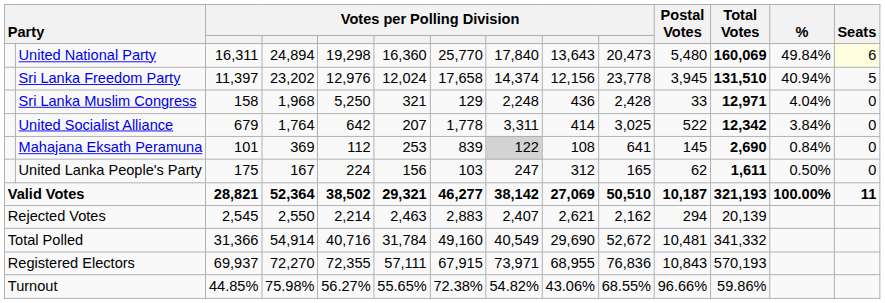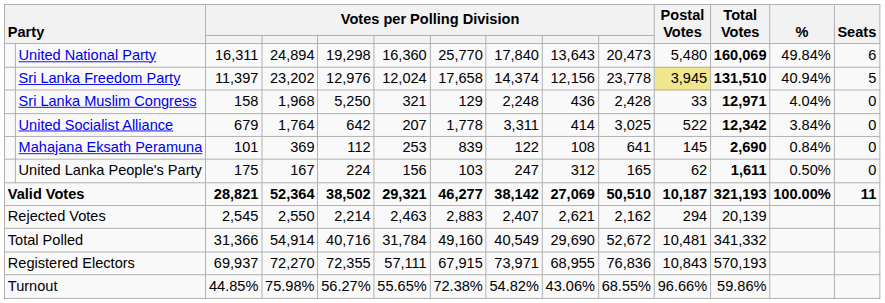 <table class="wikitable" border="1" style="text-align:right;">
 <tr>
 <th style="text-align:left; vertical-align:bottom;" rowspan="2" colspan="2">Party</th>
 <th colspan=8>Votes per Polling Division</th>
 <th rowspan="2" style="vertical-align:bottom; text-align:center; width:50px;">Postal<br>Votes</th>
 <th rowspan="2" style="vertical-align:bottom; text-align:center; width:50px;">Total Votes</th>
 <th rowspan="2" style="vertical-align:bottom; text-align:center; width:50px;">%</th>
 <th rowspan="2" style="vertical-align:bottom; text-align:center; width:40px;">Seats</th>
 </tr>
 <tr>
 <th></th>
 <th></th>
 <th></th>
 <th></th>
 <th></th>
 <th></th>
 <th></th>
 <th></th>
 </tr>
 <tr>
 <td bgcolor=> </td>
 <td align=left><a href='#'>United National Party</a></td>
 <td>16,311</td>
 <td>24,894</td>
 <td>19,298</td>
 <td>16,360</td>
 <td>25,770</td>
 <td>17,840</td>
 <td>13,643</td>
 <td>20,473</td>
 <td>5,480</td>
 <td><strong>160,069</strong></td>
 <td>49.84%</td>
-<td style="background: lightyellow;">6</td>
+<td>6</td>
 </tr>
 <tr>
 <td bgcolor=> </td>
 <td align=left><a href='#'>Sri Lanka Freedom Party</a></td>
 <td>11,397</td>
 <td>23,202</td>
 <td>12,976</td>
 <td>12,024</td>
 <td>17,658</td>
 <td>14,374</td>
 <td>12,156</td>
 <td>23,778</td>
-<td>3,945</td>
+<td style="background: khaki;">3,945</td>
 <td><strong>131,510</strong></td>
 <td>40.94%</td>
 <td>5</td>
 </tr>
 <tr>
 <td bgcolor=> </td>
 <td align=left><a href='#'>Sri Lanka Muslim Congress</a></td>
 <td>158</td>
 <td>1,968</td>
 <td>5,250</td>
 <td>321</td>
 <td>129</td>
 <td>2,248</td>
 <td>436</td>
 <td>2,428</td>
 <td>33</td>
 <td><strong>12,971</strong></td>
 <td>4.04%</td>
 <td>0</td>
 </tr>
 <tr>
 <td bgcolor=> </td>
 <td align=left><a href='#'>United Socialist Alliance</a></td>
 <td>679</td>
 <td>1,764</td>
 <td>642</td>
 <td>207</td>
 <td>1,778</td>
 <td>3,311</td>
 <td>414</td>
 <td>3,025</td>
 <td>522</td>
 <td><strong>12,342</strong></td>
 <td>3.84%</td>
 <td>0</td>
 </tr>
 <tr>
 <td bgcolor=> </td>
 <td align=left><a href='#'>Mahajana Eksath Peramuna</a></td>
 <td>101</td>
 <td>369</td>
 <td>112</td>
 <td>253</td>
 <td>839</td>
-<td style="background: lightgrey;">122</td>
+<td>122</td>
 <td>108</td>
 <td>641</td>
 <td>145</td>
 <td><strong>2,690</strong></td>
 <td>0.84%</td>
 <td>0</td>
 </tr>
 <tr>
 <td bgcolor=> </td>
 <td align=left>United Lanka People's Party</td>
 <td>175</td>
 <td>167</td>
 <td>224</td>
 <td>156</td>
 <td>103</td>
 <td>247</td>
 <td>312</td>
 <td>165</td>
 <td>62</td>
 <td><strong>1,611</strong></td>
 <td>0.50%</td>
 <td>0</td>
 </tr>
 <tr>
 <td align=left colspan=2><strong>Valid Votes</strong></td>
 <td><strong>28,821</strong></td>
 <td><strong>52,364</strong></td>
 <td><strong>38,502</strong></td>
 <td><strong>29,321</strong></td>
 <td><strong>46,277</strong></td>
 <td><strong>38,142</strong></td>
 <td><strong>27,069</strong></td>
 <td><strong>50,510</strong></td>
 <td><strong>10,187</strong></td>
 <td><strong>321,193</strong></td>
 <td><strong>100.00%</strong></td>
 <td><strong>11</strong></td>
 </tr>
 <tr>
 <td align=left colspan=2>Rejected Votes</td>
 <td>2,545</td>
 <td>2,550</td>
 <td>2,214</td>
 <td>2,463</td>
 <td>2,883</td>
 <td>2,407</td>
 <td>2,621</td>
 <td>2,162</td>
 <td>294</td>
 <td>20,139</td>
 <td></td>
 <td></td>
 </tr>
 <tr>
 <td align=left colspan=2>Total Polled</td>
 <td>31,366</td>
 <td>54,914</td>
 <td>40,716</td>
 <td>31,784</td>
 <td>49,160</td>
 <td>40,549</td>
 <td>29,690</td>
 <td>52,672</td>
 <td>10,481</td>
 <td>341,332</td>
 <td></td>
 <td></td>
 </tr>
 <tr>
 <td align=left colspan=2>Registered Electors</td>
 <td>69,937</td>
 <td>72,270</td>
 <td>72,355</td>
 <td>57,111</td>
 <td>67,915</td>
 <td>73,971</td>
 <td>68,955</td>
 <td>76,836</td>
 <td>10,843</td>
 <td>570,193</td>
 <td></td>
 <td></td>
 </tr>
 <tr>
 <td align=left colspan=2>Turnout</td>
 <td>44.85%</td>
 <td>75.98%</td>
 <td>56.27%</td>
 <td>55.65%</td>
 <td>72.38%</td>
 <td>54.82%</td>
 <td>43.06%</td>
 <td>68.55%</td>
 <td>96.66%</td>
 <td>59.86%</td>
 <td></td>
 <td></td>
 </tr>
 </table>
